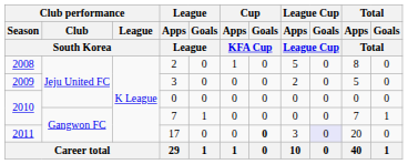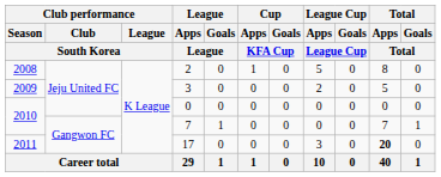 <table class="wikitable" style="text-align:center">
 <tr>
 <th colspan=3>Club performance</th>
 <th colspan=2>League</th>
 <th colspan=2>Cup</th>
 <th colspan=2>League Cup</th>
 <th colspan=2>Total</th>
 </tr>
 <tr>
 <th>Season</th>
 <th>Club</th>
 <th>League</th>
 <th>Apps</th>
 <th>Goals</th>
 <th>Apps</th>
 <th>Goals</th>
 <th>Apps</th>
 <th>Goals</th>
 <th>Apps</th>
 <th>Goals</th>
 </tr>
 <tr>
 <th colspan=3>South Korea</th>
 <th colspan=2>League</th>
 <th colspan=2><a href='#'>KFA Cup</a></th>
 <th colspan=2><a href='#'>League Cup</a></th>
 <th colspan=2>Total</th>
 </tr>
 <tr>
 <td><a href='#'>2008</a></td>
 <td rowspan=3><a href='#'>Jeju United FC</a></td>
 <td rowspan=5><a href='#'>K League</a></td>
 <td>2</td>
 <td>0</td>
 <td>1</td>
 <td>0</td>
 <td>5</td>
 <td>0</td>
 <td>8</td>
 <td>0</td>
 </tr>
 <tr>
 <td><a href='#'>2009</a></td>
 <td>3</td>
 <td>0</td>
 <td>0</td>
 <td>0</td>
 <td>2</td>
 <td>0</td>
 <td>5</td>
 <td>0</td>
 </tr>
 <tr>
 <td rowspan=2><a href='#'>2010</a></td>
 <td>0</td>
 <td>0</td>
 <td>0</td>
 <td>0</td>
 <td>0</td>
 <td>0</td>
 <td>0</td>
 <td>0</td>
 </tr>
 <tr>
 <td rowspan=2><a href='#'>Gangwon FC</a></td>
 <td>7</td>
 <td>1</td>
 <td>0</td>
 <td>0</td>
 <td>0</td>
 <td>0</td>
 <td>7</td>
 <td>1</td>
 </tr>
 <tr>
 <td><a href='#'>2011</a></td>
 <td>17</td>
 <td>0</td>
 <td>0</td>
-<td><strong>0</strong></td>
+<td>0</td>
 <td>3</td>
-<td style="background: lavender;">0</td>
-<td>20</td>
+<td>0</td>
+<td><strong>20</strong></td>
 <td>0</td>
 </tr>
 <tr>
 <th colspan=3>Career total</th>
 <th>29</th>
 <th>1</th>
 <th>1</th>
 <th>0</th>
 <th>10</th>
 <th>0</th>
 <th>40</th>
 <th>1</th>
 </tr>
 </table>
